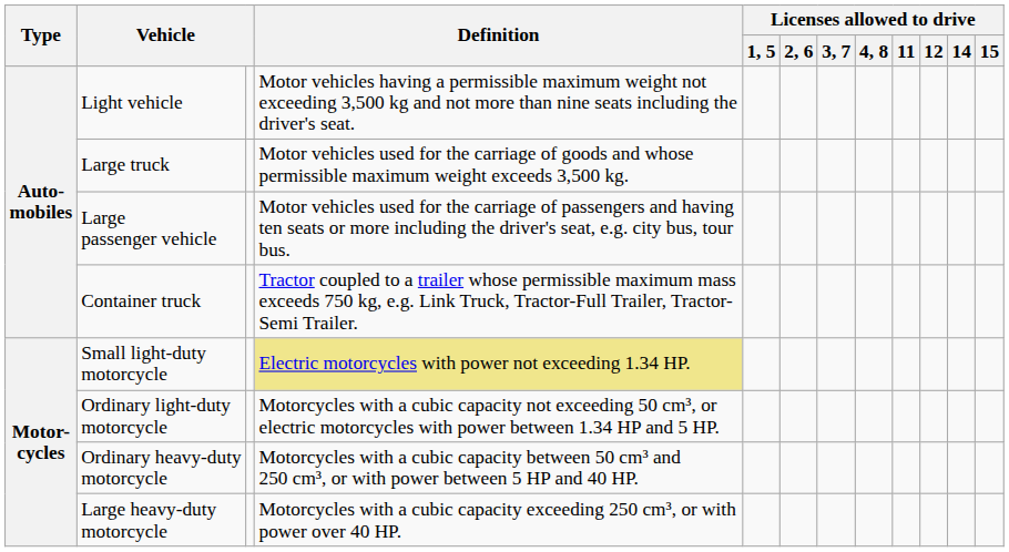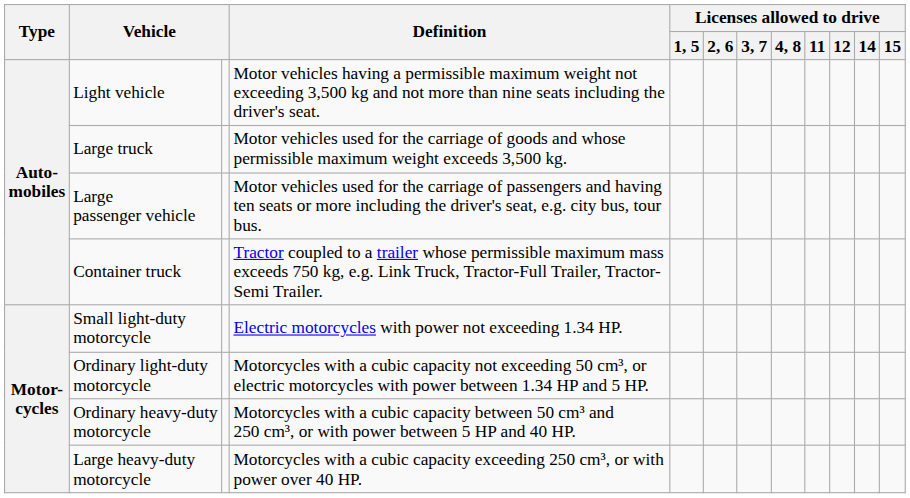 <table class=wikitable>
 <tr>
 <th rowspan=2>Type</th>
 <th rowspan=2 colspan=2>Vehicle</th>
 <th rowspan=2 width=400>Definition</th>
 <th colspan=8>Licenses allowed to drive</th>
 </tr>
 <tr>
 <th>1, 5</th>
 <th>2, 6</th>
 <th>3, 7</th>
 <th>4, 8</th>
 <th>11</th>
 <th>12</th>
 <th>14</th>
 <th>15</th>
 </tr>
 <tr>
 <th rowspan=4>Auto-<br>mobiles</th>
 <td>Light vehicle</td>
 <td></td>
 <td>Motor vehicles having a permissible maximum weight not exceeding 3,500 kg and not more than nine seats including the driver's seat.</td>
 <td></td>
 <td></td>
 <td></td>
 <td></td>
 <td></td>
 <td></td>
 <td></td>
 <td></td>
 </tr>
 <tr>
 <td>Large truck</td>
 <td></td>
 <td>Motor vehicles used for the carriage of goods and whose permissible maximum weight exceeds 3,500 kg.</td>
 <td></td>
 <td></td>
 <td></td>
 <td></td>
 <td></td>
 <td></td>
 <td></td>
 <td></td>
 </tr>
 <tr>
 <td>Large<br>passenger vehicle</td>
 <td></td>
 <td>Motor vehicles used for the carriage of passengers and having ten seats or more including the driver's seat, e.g. city bus, tour bus.</td>
 <td></td>
 <td></td>
 <td></td>
 <td></td>
 <td></td>
 <td></td>
 <td></td>
 <td></td>
 </tr>
 <tr>
 <td>Container truck</td>
 <td></td>
 <td><a href='#'>Tractor</a> coupled to a <a href='#'>trailer</a> whose permissible maximum mass exceeds 750 kg, e.g. Link Truck, Tractor-Full Trailer, Tractor-Semi Trailer.</td>
 <td></td>
 <td></td>
 <td></td>
 <td></td>
 <td></td>
 <td></td>
 <td></td>
 <td></td>
 </tr>
 <tr>
 <th rowspan=4>Motor-<br>cycles</th>
 <td>Small light-duty<br>motorcycle</td>
 <td></td>
-<td style="background: khaki;"><a href='#'>Electric motorcycles</a> with power not exceeding 1.34 HP.</td>
+<td><a href='#'>Electric motorcycles</a> with power not exceeding 1.34 HP.</td>
 <td></td>
 <td></td>
 <td></td>
 <td></td>
 <td></td>
 <td></td>
 <td></td>
 <td></td>
 </tr>
 <tr>
 <td>Ordinary light-duty<br>motorcycle</td>
 <td></td>
 <td>Motorcycles with a cubic capacity not exceeding 50 cm³, or electric motorcycles with power between 1.34 HP and 5 HP.</td>
 <td></td>
 <td></td>
 <td></td>
 <td></td>
 <td></td>
 <td></td>
 <td></td>
 <td></td>
 </tr>
 <tr>
 <td>Ordinary heavy-duty<br>motorcycle</td>
 <td></td>
 <td>Motorcycles with a cubic capacity between 50 cm³ and 250 cm³, or with power between 5 HP and 40 HP.</td>
 <td></td>
 <td></td>
 <td></td>
 <td></td>
 <td></td>
 <td></td>
 <td></td>
 <td></td>
 </tr>
 <tr>
 <td>Large heavy-duty<br>motorcycle</td>
 <td></td>
 <td>Motorcycles with a cubic capacity exceeding 250 cm³, or with power over 40 HP.</td>
 <td></td>
 <td></td>
 <td></td>
 <td></td>
 <td></td>
 <td></td>
 <td></td>
 <td></td>
 </tr>
 </table>
